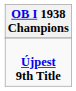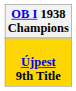 <table class="wikitable" style="text-align: center; margin: 0 auto;">
 <tr>
 <th><a href='#'>OB I</a> 1938<br>Champions</th>
 </tr>
 <tr>
 </tr>
 <tr>
-<td> <br><strong><a href='#'>Újpest</a></strong><br><strong>9th Title</strong></td>
+<td style="background: gold;"> <br><strong><a href='#'>Újpest</a></strong><br><strong>9th Title</strong></td>
 </tr>
 </table>
